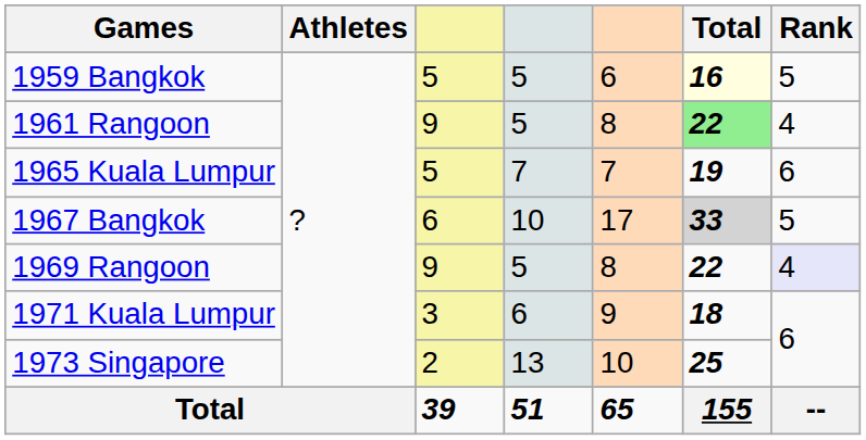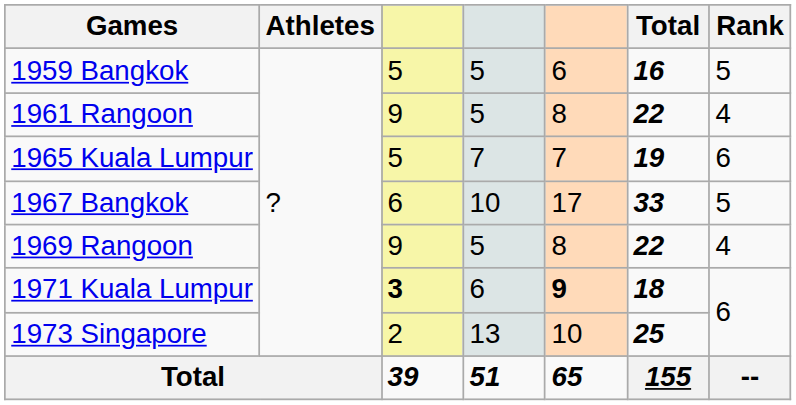 <table class="wikitable sortable ”wikitable sortable”" style="”text-align;center;">
 <tr>
 <th>Games</th>
 <th>Athletes</th>
 <th scope="col" style="background:#F7F6A8;" width="40"></th>
 <th scope="col" style="background:#DCE5E5;" width="40"></th>
 <th scope="col" style="background:#FFDAB9;" width="40"></th>
 <th width="40">Total</th>
 <th width="40">Rank</th>
 </tr>
 <tr>
 <td align="left"> <a href='#'>1959 Bangkok</a></td>
 <td rowspan="7">?</td>
 <td style="background:#F7F6A8;">5</td>
 <td style="background:#DCE5E5;">5</td>
 <td style="background:#FFDAB9;">6</td>
-<td style="background: lightyellow;"><strong><em>16</em></strong></td>
+<td><strong><em>16</em></strong></td>
 <td>5</td>
 </tr>
 <tr>
 <td align="left"> <a href='#'>1961 Rangoon</a></td>
 <td style="background:#F7F6A8;">9</td>
 <td style="background:#DCE5E5;">5</td>
 <td style="background:#FFDAB9;">8</td>
-<td style="background: lightgreen;"><strong><em>22</em></strong></td>
+<td><strong><em>22</em></strong></td>
 <td>4</td>
 </tr>
 <tr>
 <td align="left"> <a href='#'>1965 Kuala Lumpur</a></td>
 <td style="background:#F7F6A8;">5</td>
 <td style="background:#DCE5E5;">7</td>
 <td style="background:#FFDAB9;">7</td>
 <td><strong><em>19</em></strong></td>
 <td>6</td>
 </tr>
 <tr>
 <td align="left"> <a href='#'>1967 Bangkok</a></td>
 <td style="background:#F7F6A8;">6</td>
 <td style="background:#DCE5E5;">10</td>
 <td style="background:#FFDAB9;">17</td>
-<td style="background: lightgrey;"><strong><em>33</em></strong></td>
+<td><strong><em>33</em></strong></td>
 <td>5</td>
 </tr>
 <tr>
 <td align="left"> <a href='#'>1969 Rangoon</a></td>
 <td style="background:#F7F6A8;">9</td>
 <td style="background:#DCE5E5;">5</td>
 <td style="background:#FFDAB9;">8</td>
 <td><strong><em>22</em></strong></td>
-<td style="background: lavender;">4</td>
+<td>4</td>
 </tr>
 <tr>
 <td align="left"> <a href='#'>1971 Kuala Lumpur</a></td>
-<td style="background:#F7F6A8;">3</td>
+<td style="background:#F7F6A8;"><strong>3</strong></td>
 <td style="background:#DCE5E5;">6</td>
-<td style="background:#FFDAB9;">9</td>
+<td style="background:#FFDAB9;"><strong>9</strong></td>
 <td><strong><em>18</em></strong></td>
 <td rowspan="2">6</td>
 </tr>
 <tr>
 <td align="left"> <a href='#'>1973 Singapore</a></td>
 <td style="background:#F7F6A8;">2</td>
 <td style="background:#DCE5E5;">13</td>
 <td style="background:#FFDAB9;">10</td>
 <td><strong><em>25</em></strong></td>
 </tr>
 <tr>
 <th colspan="2">Total</th>
 <td><strong><em>39</em></strong></td>
 <td><strong><em>51</em></strong></td>
 <td><strong><em>65</em></strong></td>
 <th><u><em>155</em></u></th>
 <th>--</th>
 </tr>
 </table>
